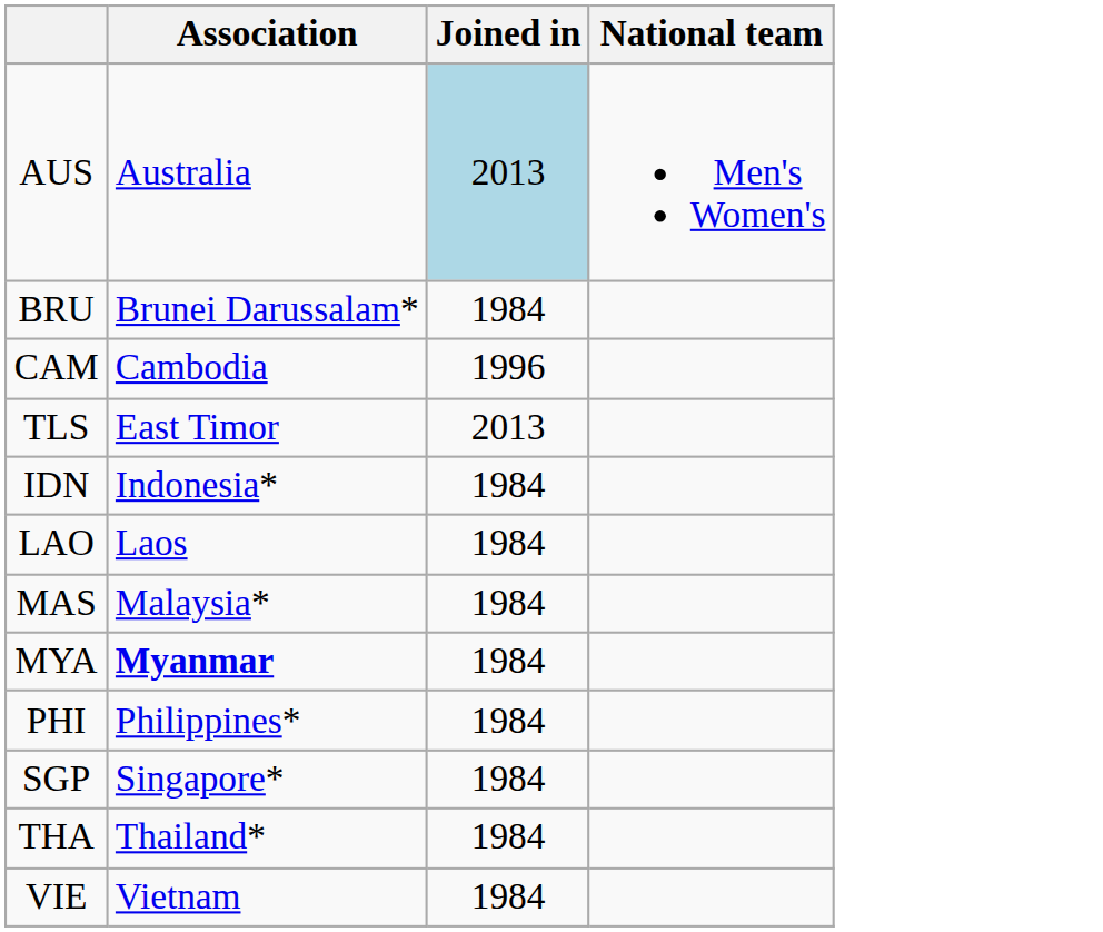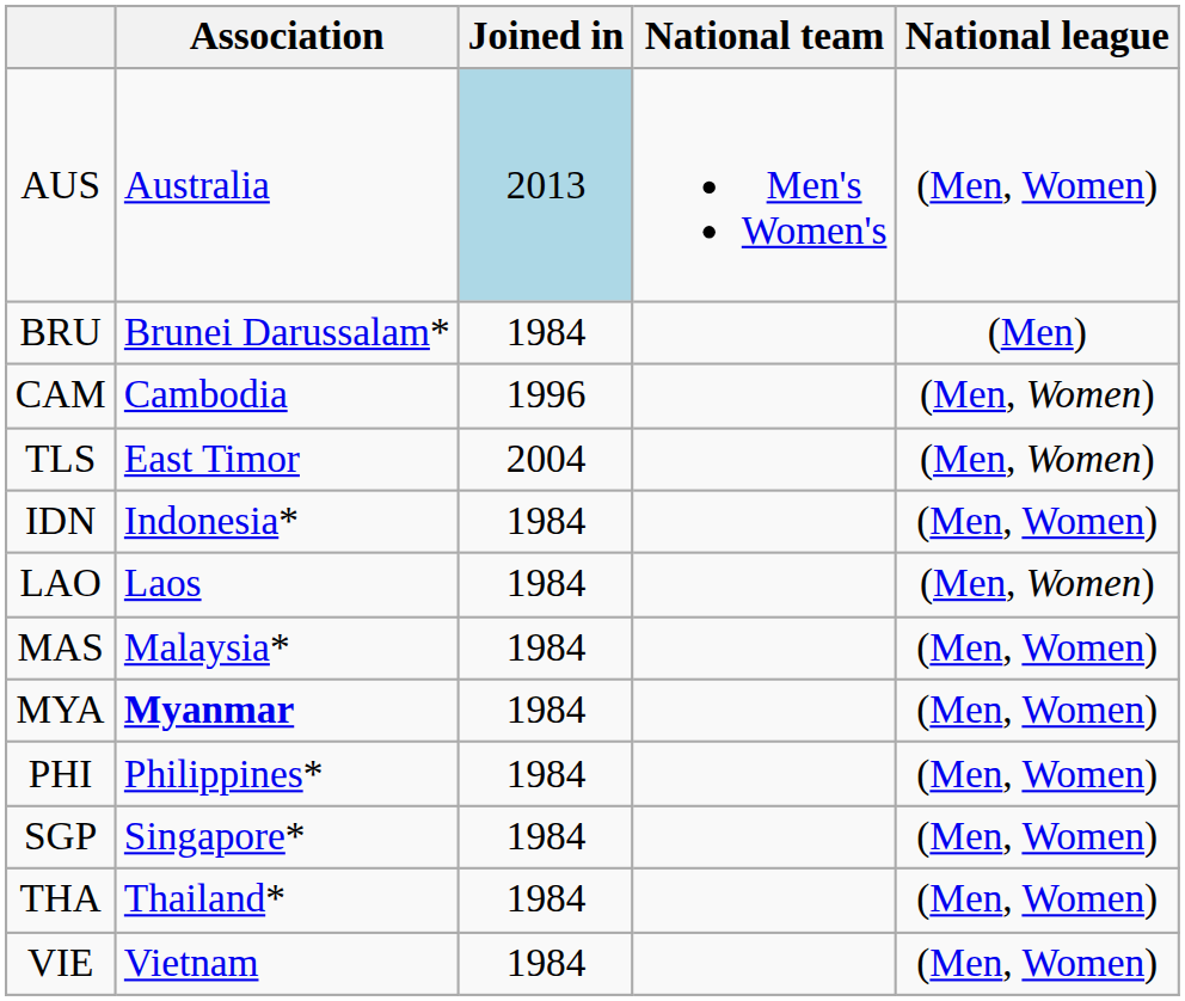 <table class="wikitable sortable">
 <tr>
 <th><a href='#'></a></th>
 <th>Association</th>
 <th>Joined in</th>
 <th class="unsortable">National team</th>
+<th class="unsortable">National league</th>
 </tr>
 <tr>
 <td align="center">AUS</td>
 <td> <a href='#'>Australia</a></td>
 <td align="center" style="background: lightblue;">2013</td>
 <td align="center"><ul><br><li><a href='#'>Men's</a></li> <li><a href='#'>Women's</a></li> </ul></td>
+<td align="center">(<a href='#'>Men</a>, <a href='#'>Women</a>)</td>
 </tr>
 <tr>
 <td align="center">BRU</td>
 <td> <a href='#'>Brunei Darussalam</a>*</td>
 <td align="center">1984</td>
 <td align="center"></td>
+<td align="center">(<a href='#'>Men</a>)</td>
 </tr>
 <tr>
 <td align="center">CAM</td>
 <td> <a href='#'>Cambodia</a></td>
 <td align="center">1996</td>
 <td align="center"></td>
+<td align="center">(<a href='#'>Men</a>, <em>Women</em>)</td>
 </tr>
 <tr>
 <td align="center">TLS</td>
 <td> <a href='#'>East Timor</a></td>
-<td align="center">2013</td>
+<td align="center">2004</td>
 <td align="center"></td>
+<td align="center">(<a href='#'>Men</a>, <em>Women</em>)</td>
 </tr>
 <tr>
 <td align="center">IDN</td>
 <td> <a href='#'>Indonesia</a>*</td>
 <td align="center">1984</td>
 <td align="center"></td>
+<td align="center">(<a href='#'>Men</a>, <a href='#'>Women</a>)</td>
 </tr>
 <tr>
 <td align="center">LAO</td>
 <td> <a href='#'>Laos</a></td>
 <td align="center">1984</td>
 <td align="center"></td>
+<td align="center">(<a href='#'>Men</a>, <em>Women</em>)</td>
 </tr>
 <tr>
 <td align="center">MAS</td>
 <td> <a href='#'>Malaysia</a>*</td>
 <td align="center">1984</td>
 <td align="center"></td>
+<td align="center">(<a href='#'>Men</a>, <a href='#'>Women</a>)</td>
 </tr>
 <tr>
 <td align="center">MYA</td>
 <td><strong> <a href='#'>Myanmar</a></strong></td>
 <td align="center">1984</td>
 <td align="center"></td>
+<td align="center">(<a href='#'>Men</a>, <a href='#'>Women</a>)</td>
 </tr>
 <tr>
 <td align="center">PHI</td>
 <td> <a href='#'>Philippines</a>*</td>
 <td align="center">1984</td>
 <td align="center"></td>
+<td align="center">(<a href='#'>Men</a>, <a href='#'>Women</a>)</td>
 </tr>
 <tr>
 <td align="center">SGP</td>
 <td> <a href='#'>Singapore</a>*</td>
 <td align="center">1984</td>
 <td align="center"></td>
+<td align="center">(<a href='#'>Men</a>, <a href='#'>Women</a>)</td>
 </tr>
 <tr>
 <td align="center">THA</td>
 <td> <a href='#'>Thailand</a>*</td>
 <td align="center">1984</td>
 <td align="center"></td>
+<td align="center">(<a href='#'>Men</a>, <a href='#'>Women</a>)</td>
 </tr>
 <tr>
 <td align="center">VIE</td>
 <td> <a href='#'>Vietnam</a></td>
 <td align="center">1984</td>
 <td align="center"></td>
+<td align="center">(<a href='#'>Men</a>, <a href='#'>Women</a>)</td>
 </tr>
 </table>
